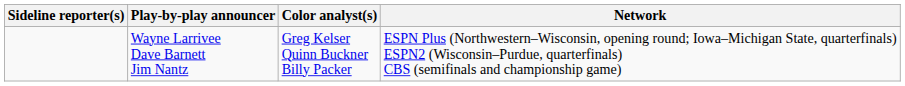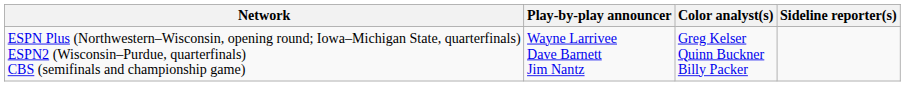 <table class="wikitable">
 <tr>
-<th>Sideline reporter(s)</th>
+<th>Network</th>
 <th>Play-by-play announcer</th>
 <th>Color analyst(s)</th>
-<th>Network</th>
+<th>Sideline reporter(s)</th>
 </tr>
 <tr>
-<td></td>
+<td><a href='#'>ESPN Plus</a> (Northwestern–Wisconsin, opening round; Iowa–Michigan State, quarterfinals)<br><a href='#'>ESPN2</a> (Wisconsin–Purdue, quarterfinals)<br><a href='#'>CBS</a> (semifinals and championship game)</td>
 <td><a href='#'>Wayne Larrivee</a><br><a href='#'>Dave Barnett</a><br><a href='#'>Jim Nantz</a></td>
 <td><a href='#'>Greg Kelser</a><br><a href='#'>Quinn Buckner</a><br><a href='#'>Billy Packer</a></td>
-<td><a href='#'>ESPN Plus</a> (Northwestern–Wisconsin, opening round; Iowa–Michigan State, quarterfinals)<br><a href='#'>ESPN2</a> (Wisconsin–Purdue, quarterfinals)<br><a href='#'>CBS</a> (semifinals and championship game)</td>
+<td></td>
 </tr>
 </table>
